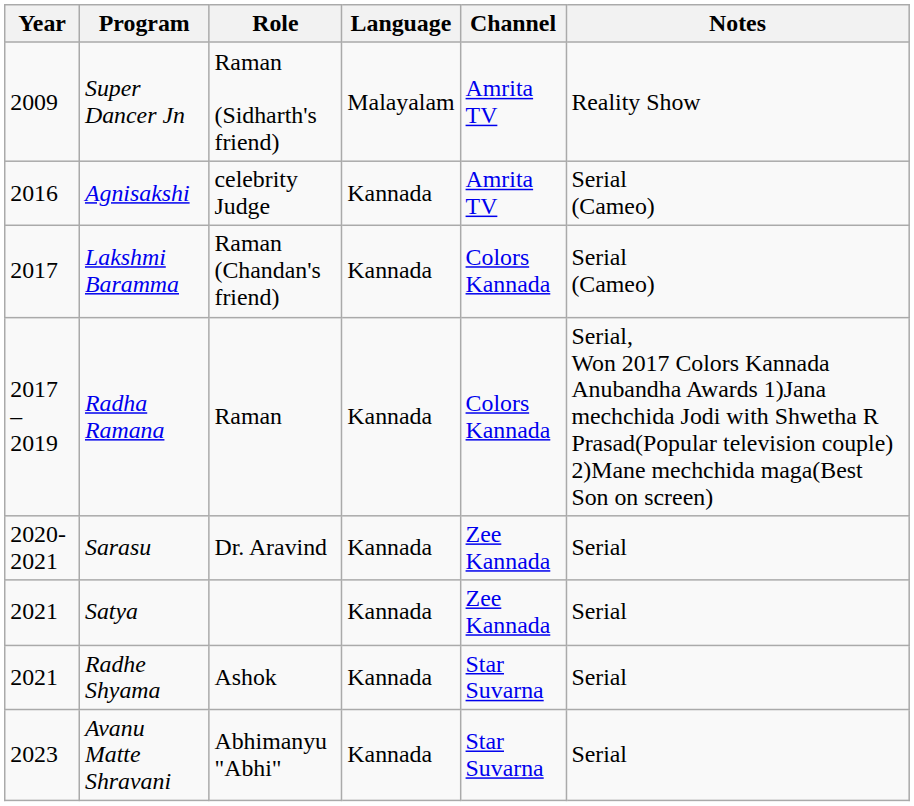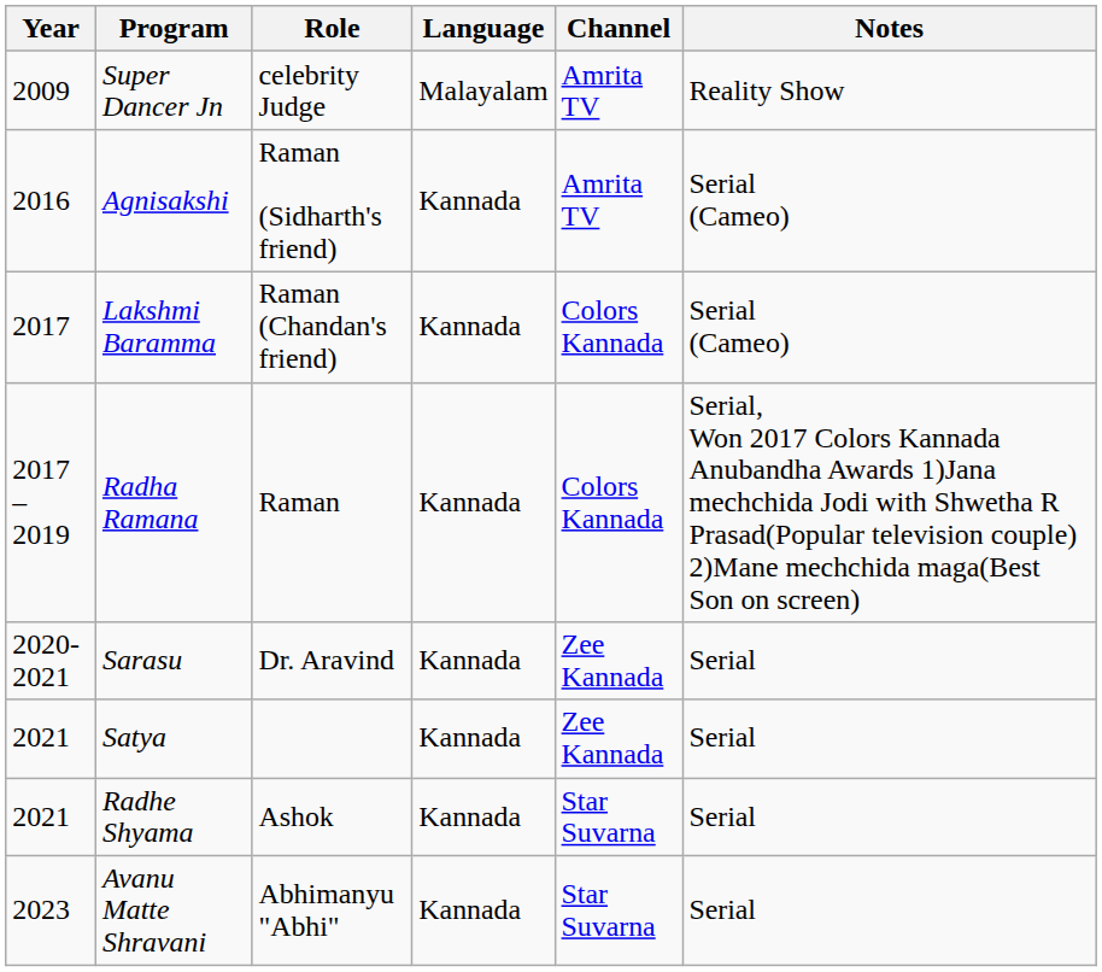 <table class="wikitable sortable">
 <tr>
 <th>Year</th>
 <th>Program</th>
 <th>Role</th>
 <th>Language</th>
 <th>Channel</th>
 <th class=unsortable>Notes</th>
 </tr>
 <tr>
 <td rowspan="1">2009</td>
 <td><em>Super Dancer Jn</em></td>
-<td>Raman<br><br>(Sidharth's friend)</td>
+<td>celebrity Judge</td>
 <td>Malayalam</td>
 <td><a href='#'>Amrita TV</a></td>
 <td>Reality Show</td>
 </tr>
 <tr>
 <td rowspan="1">2016</td>
 <td><em><a href='#'>Agnisakshi</a> </em></td>
-<td>celebrity Judge</td>
+<td>Raman<br><br>(Sidharth's friend)</td>
 <td>Kannada</td>
 <td><a href='#'>Amrita TV</a></td>
 <td>Serial<br>(Cameo)</td>
 </tr>
 <tr>
 <td rowspan="1">2017</td>
 <td><em> <a href='#'>Lakshmi Baramma</a> </em></td>
 <td>Raman<br> (Chandan's friend)</td>
 <td>Kannada</td>
 <td><a href='#'>Colors Kannada</a></td>
 <td>Serial<br> (Cameo)</td>
 </tr>
 <tr>
 <td rowspan="1">2017 – 2019</td>
 <td><em><a href='#'>Radha Ramana</a></em></td>
 <td>Raman</td>
 <td>Kannada</td>
 <td><a href='#'>Colors Kannada</a></td>
 <td>Serial,<br>Won 2017 Colors Kannada Anubandha Awards 1)Jana mechchida Jodi with Shwetha R Prasad(Popular television couple) 2)Mane mechchida maga(Best Son on screen)</td>
 </tr>
 <tr>
 <td>2020- 2021</td>
 <td><em>Sarasu </em></td>
 <td>Dr. Aravind</td>
 <td>Kannada</td>
 <td><a href='#'>Zee Kannada</a></td>
 <td>Serial</td>
 </tr>
 <tr>
 <td>2021</td>
 <td><em>Satya</em></td>
 <td></td>
 <td>Kannada</td>
 <td><a href='#'>Zee Kannada</a></td>
 <td>Serial</td>
 </tr>
 <tr>
 <td>2021</td>
 <td><em>Radhe Shyama</em></td>
 <td>Ashok</td>
 <td>Kannada</td>
 <td><a href='#'>Star Suvarna</a></td>
 <td>Serial</td>
 </tr>
 <tr>
 <td>2023</td>
 <td><em>Avanu Matte Shravani</em></td>
 <td>Abhimanyu "Abhi"</td>
 <td>Kannada</td>
 <td><a href='#'>Star Suvarna</a></td>
 <td>Serial</td>
 </tr>
 </table>
